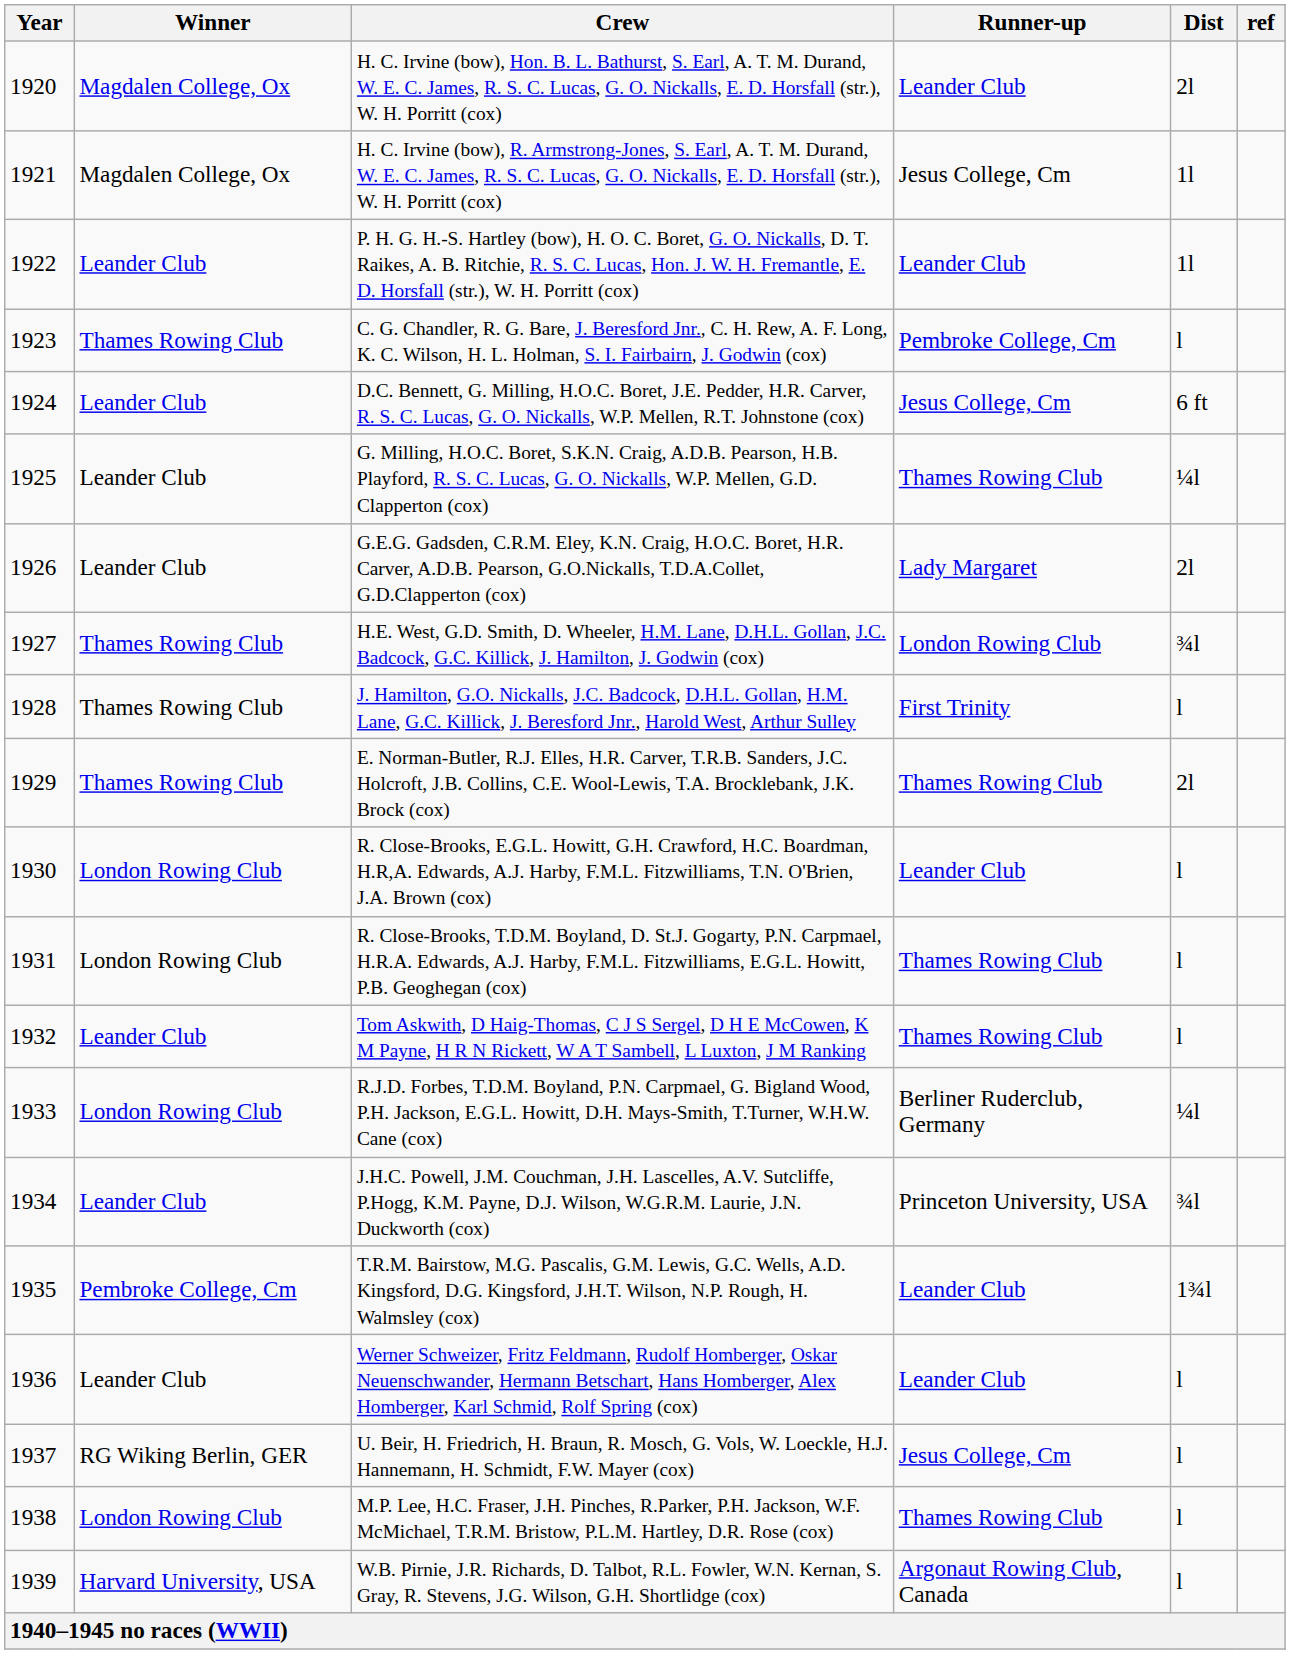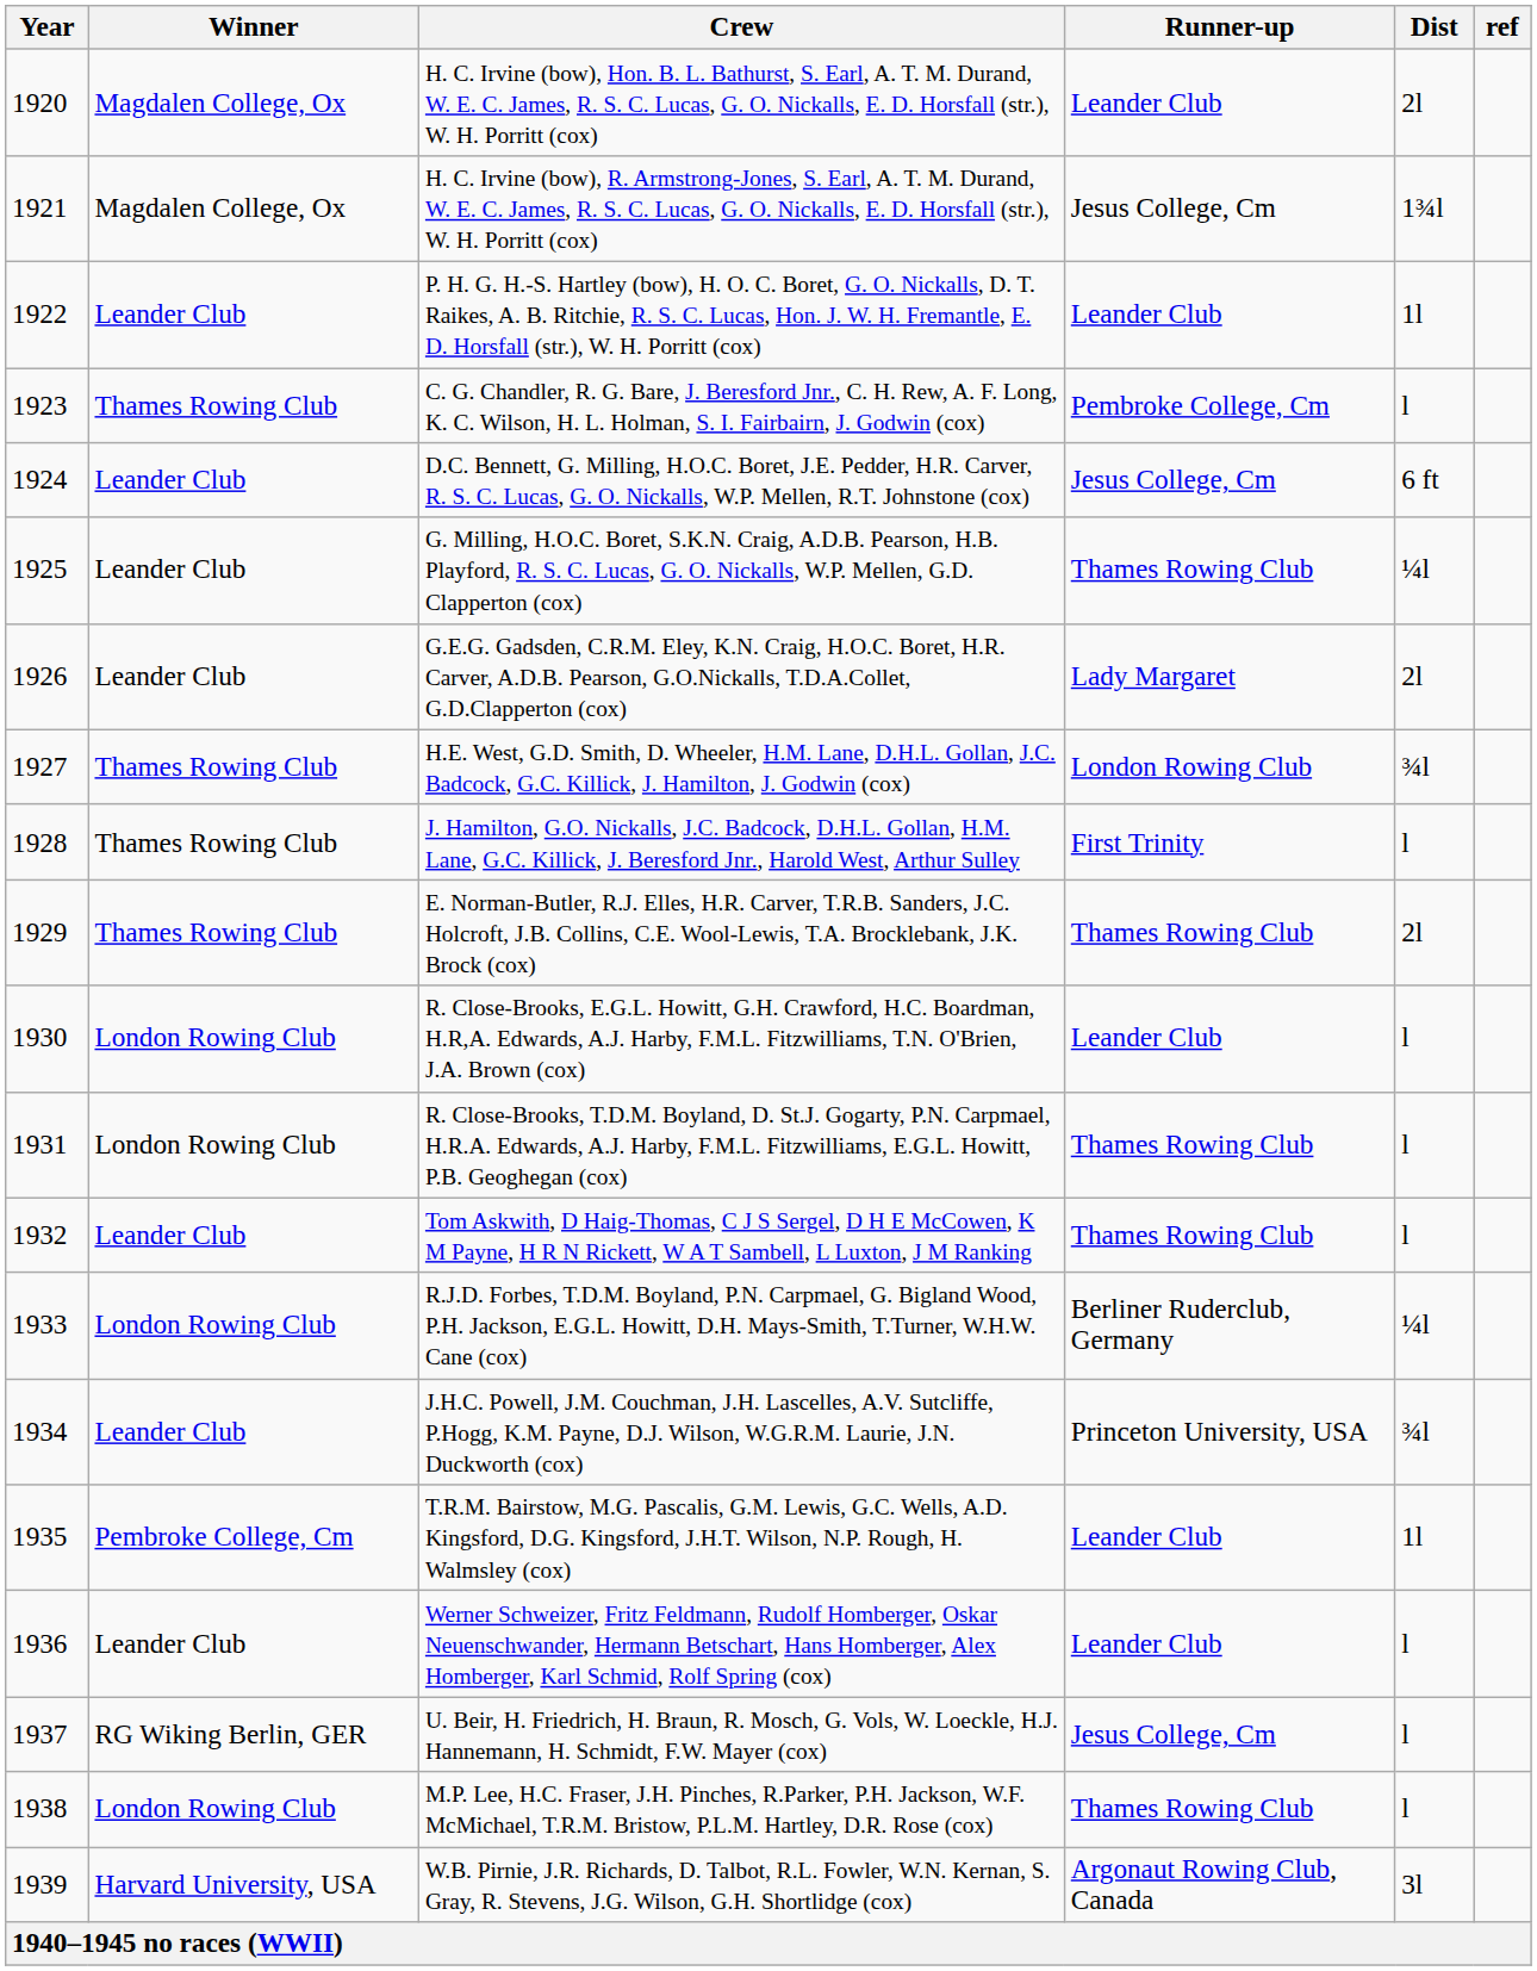 <table class="wikitable" width="100%">
 <tr>
 <th width=30>Year</th>
 <th width=150>Winner</th>
 <th width=300>Crew</th>
 <th width=150>Runner-up</th>
 <th width=30>Dist</th>
 <th width=20>ref</th>
 </tr>
 <tr>
 <td>1920</td>
 <td><a href='#'>Magdalen College, Ox</a></td>
 <td><small>H. C. Irvine (bow), <a href='#'>Hon. B. L. Bathurst</a>, <a href='#'>S. Earl</a>,  A. T. M. Durand, <a href='#'>W. E. C. James</a>, <a href='#'>R. S. C. Lucas</a>, <a href='#'>G. O. Nickalls</a>,  <a href='#'>E. D. Horsfall</a> (str.), W. H. Porritt (cox)</small></td>
 <td><a href='#'>Leander Club</a></td>
 <td>2l</td>
 <td></td>
 </tr>
 <tr>
 <td>1921</td>
 <td>Magdalen College, Ox</td>
 <td><small>H. C. Irvine (bow), <a href='#'>R. Armstrong-Jones</a>, <a href='#'>S. Earl</a>, A. T. M. Durand, <a href='#'>W. E. C. James</a>, <a href='#'>R. S. C. Lucas</a>, <a href='#'>G. O. Nickalls</a>,  <a href='#'>E. D. Horsfall</a> (str.), W. H. Porritt (cox)</small></td>
 <td>Jesus College, Cm</td>
-<td>1l</td>
+<td>1¾l</td>
 <td></td>
 </tr>
 <tr>
 <td>1922</td>
 <td><a href='#'>Leander Club</a></td>
 <td><small>P. H. G. H.-S. Hartley (bow), H. O. C. Boret, <a href='#'>G. O. Nickalls</a>, D. T. Raikes, A. B. Ritchie, <a href='#'>R. S. C. Lucas</a>, <a href='#'>Hon. J. W. H. Fremantle</a>,  <a href='#'>E. D. Horsfall</a> (str.), W. H. Porritt (cox)</small></td>
 <td><a href='#'>Leander Club</a></td>
 <td>1l</td>
 <td></td>
 </tr>
 <tr>
 <td>1923</td>
 <td><a href='#'>Thames Rowing Club</a></td>
 <td><small> C. G. Chandler, R. G. Bare, <a href='#'>J. Beresford Jnr.</a>, C. H. Rew, A. F. Long, K. C. Wilson, H. L. Holman, <a href='#'>S. I. Fairbairn</a>, <a href='#'>J. Godwin</a> (cox)</small></td>
 <td><a href='#'>Pembroke College, Cm</a></td>
 <td>l</td>
 <td></td>
 </tr>
 <tr>
 <td>1924</td>
 <td><a href='#'>Leander Club</a></td>
 <td><small> D.C. Bennett, G. Milling, H.O.C. Boret, J.E. Pedder, H.R. Carver, <a href='#'>R. S. C. Lucas</a>, <a href='#'>G. O. Nickalls</a>, W.P. Mellen, R.T. Johnstone (cox) </small></td>
 <td><a href='#'>Jesus College, Cm</a></td>
 <td>6 ft</td>
 <td></td>
 </tr>
 <tr>
 <td>1925</td>
 <td>Leander Club</td>
 <td><small> G. Milling, H.O.C. Boret, S.K.N. Craig, A.D.B. Pearson, H.B. Playford, <a href='#'>R. S. C. Lucas</a>, <a href='#'>G. O. Nickalls</a>, W.P. Mellen, G.D. Clapperton (cox) </small></td>
 <td><a href='#'>Thames Rowing Club</a></td>
 <td>¼l</td>
 <td></td>
 </tr>
 <tr>
 <td>1926</td>
 <td>Leander Club</td>
 <td><small> G.E.G. Gadsden, C.R.M. Eley, K.N. Craig, H.O.C. Boret, H.R. Carver, A.D.B. Pearson, G.O.Nickalls, T.D.A.Collet, G.D.Clapperton (cox)  </small></td>
 <td><a href='#'>Lady Margaret</a></td>
 <td>2l</td>
 <td></td>
 </tr>
 <tr>
 <td>1927</td>
 <td><a href='#'>Thames Rowing Club</a></td>
 <td><small> H.E. West, G.D. Smith, D. Wheeler, <a href='#'>H.M. Lane</a>, <a href='#'>D.H.L. Gollan</a>, <a href='#'>J.C. Badcock</a>, <a href='#'>G.C. Killick</a>, <a href='#'>J. Hamilton</a>, <a href='#'>J. Godwin</a> (cox)</small></td>
 <td><a href='#'>London Rowing Club</a></td>
 <td>¾l</td>
 <td></td>
 </tr>
 <tr>
 <td>1928</td>
 <td>Thames Rowing Club</td>
 <td><small> <a href='#'>J. Hamilton</a>, <a href='#'>G.O. Nickalls</a>, <a href='#'>J.C. Badcock</a>, <a href='#'>D.H.L. Gollan</a>, <a href='#'>H.M. Lane</a>, <a href='#'>G.C. Killick</a>, <a href='#'>J. Beresford Jnr.</a>, <a href='#'>Harold West</a>, <a href='#'>Arthur Sulley</a></small></td>
 <td><a href='#'>First Trinity</a></td>
 <td>l</td>
 <td></td>
 </tr>
 <tr>
 <td>1929</td>
 <td><a href='#'>Thames Rowing Club</a></td>
 <td><small> E. Norman-Butler, R.J. Elles, H.R. Carver, T.R.B. Sanders, J.C. Holcroft, J.B. Collins, C.E. Wool-Lewis, T.A. Brocklebank, J.K. Brock (cox)  </small></td>
 <td><a href='#'>Thames Rowing Club</a></td>
 <td>2l</td>
 <td></td>
 </tr>
 <tr>
 <td>1930</td>
 <td><a href='#'>London Rowing Club</a></td>
 <td><small> R. Close-Brooks, E.G.L. Howitt, G.H. Crawford, H.C. Boardman, H.R,A. Edwards, A.J. Harby, F.M.L. Fitzwilliams, T.N. O'Brien, J.A. Brown (cox) </small></td>
 <td><a href='#'>Leander Club</a></td>
 <td>l</td>
 <td></td>
 </tr>
 <tr>
 <td>1931</td>
 <td>London Rowing Club</td>
 <td><small> R. Close-Brooks, T.D.M. Boyland, D. St.J. Gogarty, P.N. Carpmael, H.R.A. Edwards, A.J. Harby, F.M.L. Fitzwilliams, E.G.L. Howitt, P.B. Geoghegan (cox) </small></td>
 <td><a href='#'>Thames Rowing Club</a></td>
 <td>l</td>
 <td></td>
 </tr>
 <tr>
 <td>1932</td>
 <td><a href='#'>Leander Club</a></td>
 <td><small><a href='#'>Tom Askwith</a>, <a href='#'>D Haig-Thomas</a>, <a href='#'>C J S Sergel</a>, <a href='#'>D H E McCowen</a>, <a href='#'>K M Payne</a>, <a href='#'>H R N Rickett</a>, <a href='#'>W A T Sambell</a>, <a href='#'>L Luxton</a>, <a href='#'>J M Ranking</a></small></td>
 <td><a href='#'>Thames Rowing Club</a></td>
 <td>l</td>
 <td></td>
 </tr>
 <tr>
 <td>1933</td>
 <td><a href='#'>London Rowing Club</a></td>
 <td><small> R.J.D. Forbes, T.D.M. Boyland, P.N. Carpmael, G. Bigland Wood, P.H. Jackson, E.G.L. Howitt, D.H. Mays-Smith, T.Turner, W.H.W. Cane (cox) </small></td>
 <td>Berliner Ruderclub, Germany</td>
 <td>¼l</td>
 <td></td>
 </tr>
 <tr>
 <td>1934</td>
 <td><a href='#'>Leander Club</a></td>
 <td><small> J.H.C. Powell, J.M. Couchman, J.H. Lascelles, A.V. Sutcliffe, P.Hogg, K.M. Payne, D.J. Wilson, W.G.R.M. Laurie, J.N. Duckworth (cox)  </small></td>
 <td>Princeton University, USA</td>
 <td>¾l</td>
 <td></td>
 </tr>
 <tr>
 <td>1935</td>
 <td><a href='#'>Pembroke College, Cm</a></td>
 <td><small> T.R.M. Bairstow, M.G. Pascalis, G.M. Lewis, G.C. Wells, A.D. Kingsford, D.G. Kingsford, J.H.T. Wilson, N.P. Rough, H. Walmsley (cox)  </small></td>
 <td><a href='#'>Leander Club</a></td>
-<td>1¾l</td>
+<td>1l</td>
 <td></td>
 </tr>
 <tr>
 <td>1936</td>
 <td>Leander Club</td>
 <td><small> <a href='#'>Werner Schweizer</a>, <a href='#'>Fritz Feldmann</a>, <a href='#'>Rudolf Homberger</a>, <a href='#'>Oskar Neuenschwander</a>, <a href='#'>Hermann Betschart</a>, <a href='#'>Hans Homberger</a>, <a href='#'>Alex Homberger</a>, <a href='#'>Karl Schmid</a>, <a href='#'>Rolf Spring</a> (cox)  </small></td>
 <td><a href='#'>Leander Club</a></td>
 <td>l</td>
 <td></td>
 </tr>
 <tr>
 <td>1937</td>
 <td>RG Wiking Berlin, GER</td>
 <td><small> U. Beir, H. Friedrich, H. Braun, R. Mosch, G. Vols, W. Loeckle, H.J. Hannemann, H. Schmidt, F.W. Mayer (cox)  </small></td>
 <td><a href='#'>Jesus College, Cm</a></td>
 <td>l</td>
 <td></td>
 </tr>
 <tr>
 <td>1938</td>
 <td><a href='#'>London Rowing Club</a></td>
 <td><small> M.P. Lee, H.C. Fraser, J.H. Pinches, R.Parker, P.H. Jackson, W.F. McMichael, T.R.M. Bristow, P.L.M. Hartley, D.R. Rose (cox) </small></td>
 <td><a href='#'>Thames Rowing Club</a></td>
 <td>l</td>
 <td></td>
 </tr>
 <tr>
 <td>1939</td>
 <td><a href='#'>Harvard University</a>, USA</td>
 <td><small> W.B. Pirnie, J.R. Richards, D. Talbot, R.L. Fowler, W.N. Kernan, S. Gray, R. Stevens, J.G. Wilson, G.H. Shortlidge (cox)  </small></td>
 <td><a href='#'>Argonaut Rowing Club</a>, Canada</td>
-<td>l</td>
+<td>3l</td>
 <td></td>
 </tr>
 <tr>
 <th style="text-align:left"  bgcolor="#efefef" colspan=6 align=left>1940–1945 no races (<a href='#'>WWII</a>)</th>
 </tr>
 </table>
